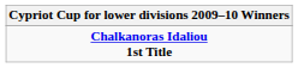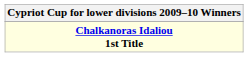 <table class="wikitable" style="text-align: center; margin: 0 auto;">
 <tr>
 <th>Cypriot Cup for lower divisions 2009–10 Winners</th>
 </tr>
 <tr>
 </tr>
 <tr>
-<td><strong><a href='#'>Chalkanoras Idaliou</a></strong><br><strong>1st Title</strong></td>
+<td style="background: lightyellow;"><strong><a href='#'>Chalkanoras Idaliou</a></strong><br><strong>1st Title</strong></td>
 </tr>
 </table>
